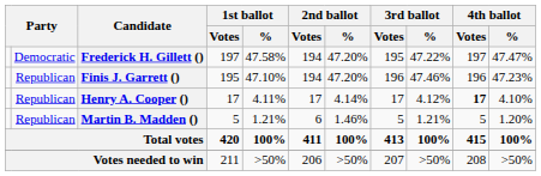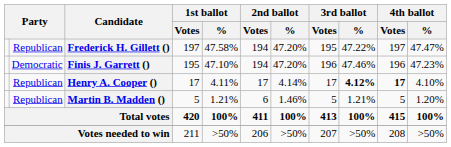 <table class="wikitable plainrowheaders" style="text-align: right;">
 <tr>
 <th colspan="2" rowspan="2" scope="col">Party</th>
 <th rowspan="2" scope="col">Candidate</th>
 <th colspan="2" scope="col">1st ballot</th>
 <th colspan="2" scope="col">2nd ballot</th>
 <th colspan="2" scope="col">3rd ballot</th>
 <th colspan="2" scope="col">4th ballot</th>
 </tr>
 <tr>
 <th scope="col">Votes</th>
 <th scope="col">%</th>
 <th scope="col">Votes</th>
 <th scope="col">%</th>
 <th scope="col">Votes</th>
 <th scope="col">%</th>
 <th scope="col">Votes</th>
 <th scope="col">%</th>
 </tr>
 <tr>
 <td style="background-color:"></td>
-<td><a href='#'>Democratic</a></td>
+<td><a href='#'>Republican</a></td>
 <th scope="row" style="text-align: left;"><a href='#'>Frederick H. Gillett</a> ()</th>
 <td>197</td>
 <td>47.58%</td>
 <td>194</td>
 <td>47.20%</td>
 <td>195</td>
 <td>47.22%</td>
 <td>197</td>
 <td>47.47%</td>
 </tr>
 <tr>
 <td style="background-color:"></td>
-<td><a href='#'>Republican</a></td>
+<td><a href='#'>Democratic</a></td>
 <th scope="row" style="text-align: left;"><a href='#'>Finis J. Garrett</a> ()</th>
 <td>195</td>
 <td>47.10%</td>
 <td>194</td>
 <td>47.20%</td>
 <td>196</td>
 <td>47.46%</td>
 <td>196</td>
 <td>47.23%</td>
 </tr>
 <tr>
 <td style="background-color:"></td>
 <td><a href='#'>Republican</a></td>
 <th scope="row" style="text-align: left;"><a href='#'>Henry A. Cooper</a> ()</th>
 <td>17</td>
 <td>4.11%</td>
 <td>17</td>
 <td>4.14%</td>
 <td>17</td>
-<td>4.12%</td>
+<td><strong>4.12%</strong></td>
 <td><strong>17</strong></td>
 <td>4.10%</td>
 </tr>
 <tr>
 <td style="background-color:"></td>
 <td><a href='#'>Republican</a></td>
 <th scope="row" style="text-align: left;"><a href='#'>Martin B. Madden</a> ()</th>
 <td>5</td>
 <td>1.21%</td>
 <td>6</td>
 <td>1.46%</td>
 <td>5</td>
 <td>1.21%</td>
 <td>5</td>
 <td>1.20%</td>
 </tr>
 <tr>
 <th colspan="3" scope="row" style="text-align: right;">Total votes</th>
 <td><strong>420</strong></td>
 <td><strong>100%</strong></td>
 <td><strong>411</strong></td>
 <td><strong>100%</strong></td>
 <td><strong>413</strong></td>
 <td><strong>100%</strong></td>
 <td><strong>415</strong></td>
 <td><strong>100%</strong></td>
 </tr>
 <tr>
 </tr>
 <tr>
 <th colspan="3" scope="row" style="text-align: right;">Votes needed to win</th>
 <td>211</td>
 <td>>50%</td>
 <td>206</td>
 <td>>50%</td>
 <td>207</td>
 <td>>50%</td>
 <td>208</td>
 <td>>50%</td>
 </tr>
 </table>
